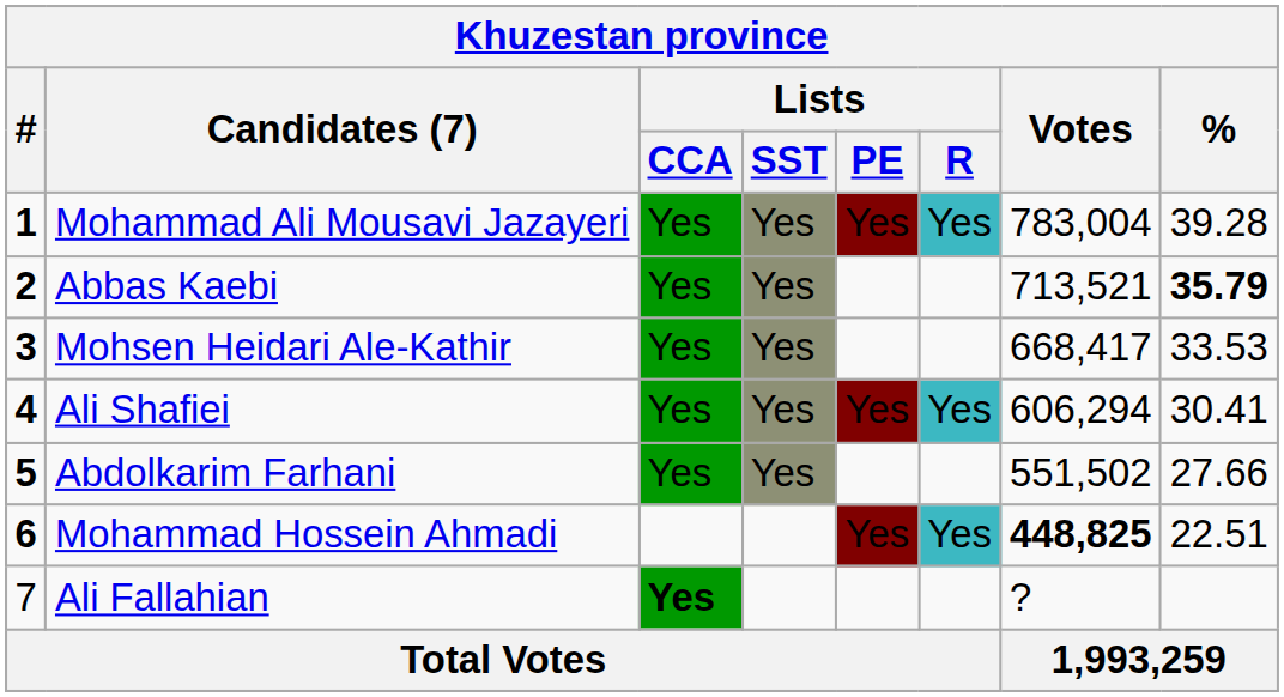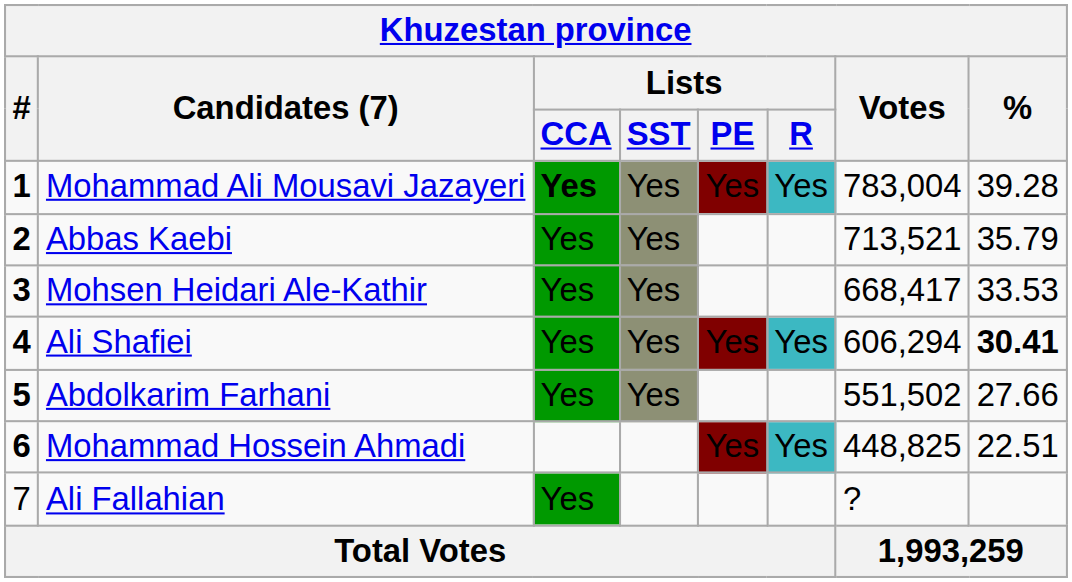 <table class=wikitable style=text-align:left>
 <tr>
 <th colspan="8" align=center><a href='#'>Khuzestan province</a></th>
 </tr>
 <tr>
 <th rowspan="2">#</th>
 <th rowspan="2">Candidates (7)</th>
 <th colspan="4">Lists</th>
 <th rowspan="2">Votes</th>
 <th rowspan="2">%</th>
 </tr>
 <tr>
 <th><a href='#'>CCA</a></th>
 <th><a href='#'>SST</a></th>
 <th><a href='#'>PE</a></th>
 <th><a href='#'>R</a></th>
 </tr>
 <tr>
 <td><strong>1</strong></td>
 <td><a href='#'>Mohammad Ali Mousavi Jazayeri</a></td>
-<td style="background:#009900;"><span>Yes</span></td>
+<td style="background:#009900;"><strong><span>Yes</span></strong></td>
 <td style="background:#8d9075;"><span>Yes</span></td>
 <td style="background:#800000;"><span>Yes</span></td>
 <td style="background:#3cb8c2;"><span>Yes</span></td>
 <td>783,004</td>
 <td>39.28</td>
 </tr>
 <tr>
 <td><strong>2</strong></td>
 <td><a href='#'>Abbas Kaebi</a></td>
 <td style="background:#009900;"><span>Yes</span></td>
 <td style="background:#8d9075;"><span>Yes</span></td>
 <td></td>
 <td></td>
 <td>713,521</td>
-<td><strong>35.79</strong></td>
+<td>35.79</td>
 </tr>
 <tr>
 <td><strong>3</strong></td>
 <td><a href='#'>Mohsen Heidari Ale-Kathir</a></td>
 <td style="background:#009900;"><span>Yes</span></td>
 <td style="background:#8d9075;"><span>Yes</span></td>
 <td></td>
 <td></td>
 <td>668,417</td>
 <td>33.53</td>
 </tr>
 <tr>
 <td><strong>4</strong></td>
 <td><a href='#'>Ali Shafiei</a></td>
 <td style="background:#009900;"><span>Yes</span></td>
 <td style="background:#8d9075;"><span>Yes</span></td>
 <td style="background:#800000;"><span>Yes</span></td>
 <td style="background:#3cb8c2;"><span>Yes</span></td>
 <td>606,294</td>
-<td>30.41</td>
+<td><strong>30.41</strong></td>
 </tr>
 <tr>
 <td><strong>5</strong></td>
 <td><a href='#'>Abdolkarim Farhani</a></td>
 <td style="background:#009900;"><span>Yes</span></td>
 <td style="background:#8d9075;"><span>Yes</span></td>
 <td></td>
 <td></td>
 <td>551,502</td>
 <td>27.66</td>
 </tr>
 <tr>
 <td><strong>6</strong></td>
 <td><a href='#'>Mohammad Hossein Ahmadi</a></td>
 <td></td>
 <td></td>
 <td style="background:#800000;"><span>Yes</span></td>
 <td style="background:#3cb8c2;"><span>Yes</span></td>
-<td><strong>448,825</strong></td>
+<td>448,825</td>
 <td>22.51</td>
 </tr>
 <tr>
 <td>7</td>
 <td><a href='#'>Ali Fallahian</a></td>
-<td style="background:#009900;"><strong><span>Yes</span></strong></td>
+<td style="background:#009900;"><span>Yes</span></td>
 <td></td>
 <td></td>
 <td></td>
 <td>?</td>
 </tr>
 <tr>
 <th colspan="6">Total Votes</th>
 <th colspan="2">1,993,259</th>
 </tr>
 </table>
